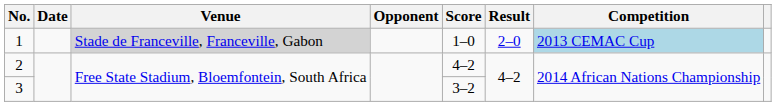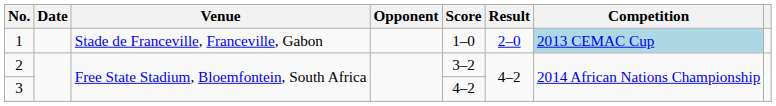 <table class="wikitable sortable">
 <tr>
 <th scope="col">No.</th>
 <th scope="col">Date</th>
 <th scope="col">Venue</th>
 <th scope="col">Opponent</th>
 <th scope="col">Score</th>
 <th scope="col">Result</th>
 <th scope="col">Competition</th>
 <th scope="col" class="unsortable"></th>
 </tr>
 <tr>
 <td style="text-align:center">1</td>
 <td></td>
-<td style="background: lightgrey;"><a href='#'>Stade de Franceville</a>, <a href='#'>Franceville</a>, Gabon</td>
+<td><a href='#'>Stade de Franceville</a>, <a href='#'>Franceville</a>, Gabon</td>
 <td></td>
 <td style="text-align:center">1–0</td>
 <td style="text-align:center"><a href='#'>2–0</a></td>
 <td style="background: lightblue;"><a href='#'>2013 CEMAC Cup</a></td>
 <td></td>
 </tr>
 <tr>
 <td style="text-align:center">2</td>
 <td rowspan="2"></td>
 <td rowspan="2"><a href='#'>Free State Stadium</a>, <a href='#'>Bloemfontein</a>, South Africa</td>
 <td rowspan="2"></td>
-<td style="text-align:center">4–2</td>
+<td style="text-align:center">3–2</td>
 <td rowspan="2" style="text-align:center">4–2</td>
 <td rowspan="2"><a href='#'>2014 African Nations Championship</a></td>
 <td rowspan="2"></td>
 </tr>
 <tr>
 <td style="text-align:center">3</td>
-<td style="text-align:center">3–2</td>
+<td style="text-align:center">4–2</td>
 </tr>
 </table>
